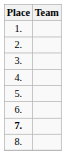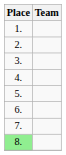 <table class="wikitable" style="text-align: center;">
 <tr>
 <th>Place</th>
 <th>Team</th>
 </tr>
 <tr>
 <td>1.</td>
 <td style="text-align:left;"><strong></strong> </td>
 </tr>
 <tr>
 <td>2.</td>
 <td style="text-align:left;"><strong></strong> </td>
 </tr>
 <tr>
 <td>3.</td>
 <td style="text-align:left;"><strong></strong> </td>
 </tr>
 <tr>
 <td>4.</td>
 <td style="text-align:left;"><strong></strong> </td>
 </tr>
 <tr>
 <td>5.</td>
 <td style="text-align:left;"><strong></strong> </td>
 </tr>
 <tr>
 <td>6.</td>
 <td style="text-align:left;"><strong></strong> </td>
 </tr>
 <tr>
-<td><strong>7.</strong></td>
+<td>7.</td>
 <td style="text-align:left;"><strong></strong> </td>
 </tr>
 <tr>
-<td>8.</td>
+<td style="background: lightgreen;">8.</td>
 <td style="text-align:left;"><strong></strong> </td>
 </tr>
 <tr>
 </tr>
 </table>
